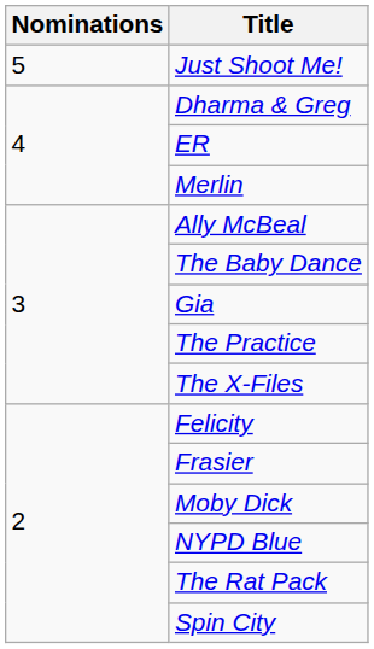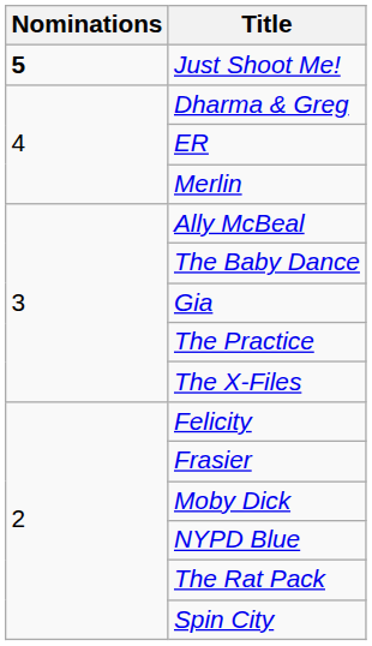 <table class="wikitable">
 <tr>
 <th>Nominations</th>
 <th>Title</th>
 </tr>
 <tr>
-<td>5</td>
+<td><strong>5</strong></td>
 <td><em><a href='#'>Just Shoot Me!</a></em></td>
 </tr>
 <tr>
 <td rowspan="3">4</td>
 <td><em><a href='#'>Dharma & Greg</a></em></td>
 </tr>
 <tr>
 <td><em><a href='#'>ER</a></em></td>
 </tr>
 <tr>
 <td><em><a href='#'>Merlin</a></em></td>
 </tr>
 <tr>
 <td rowspan="5">3</td>
 <td><em><a href='#'>Ally McBeal</a></em></td>
 </tr>
 <tr>
 <td><em><a href='#'>The Baby Dance</a></em></td>
 </tr>
 <tr>
 <td><em><a href='#'>Gia</a></em></td>
 </tr>
 <tr>
 <td><em><a href='#'>The Practice</a></em></td>
 </tr>
 <tr>
 <td><em><a href='#'>The X-Files</a></em></td>
 </tr>
 <tr>
 <td rowspan="6">2</td>
 <td><em><a href='#'>Felicity</a></em></td>
 </tr>
 <tr>
 <td><em><a href='#'>Frasier</a></em></td>
 </tr>
 <tr>
 <td><em><a href='#'>Moby Dick</a></em></td>
 </tr>
 <tr>
 <td><em><a href='#'>NYPD Blue</a></em></td>
 </tr>
 <tr>
 <td><em><a href='#'>The Rat Pack</a></em></td>
 </tr>
 <tr>
 <td><em><a href='#'>Spin City</a></em></td>
 </tr>
 </table>
